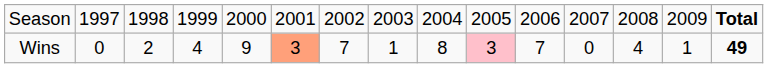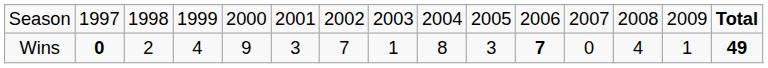 <table class="wikitable sortable">
 <tr>
 <td>Season</td>
 <td>1997</td>
 <td>1998</td>
 <td>1999</td>
 <td>2000</td>
 <td>2001</td>
 <td>2002</td>
 <td>2003</td>
 <td>2004</td>
 <td>2005</td>
 <td>2006</td>
 <td>2007</td>
 <td>2008</td>
 <td>2009</td>
 <td><strong>Total</strong></td>
 </tr>
 <tr align=center>
 <td>Wins</td>
-<td>0</td>
+<td><strong>0</strong></td>
 <td>2</td>
 <td>4</td>
 <td>9</td>
-<td style="background: lightsalmon;">3</td>
+<td>3</td>
 <td>7</td>
 <td>1</td>
 <td>8</td>
-<td style="background: pink;">3</td>
-<td>7</td>
+<td>3</td>
+<td><strong>7</strong></td>
 <td>0</td>
 <td>4</td>
 <td>1</td>
 <td><strong>49</strong></td>
 </tr>
 </table>
